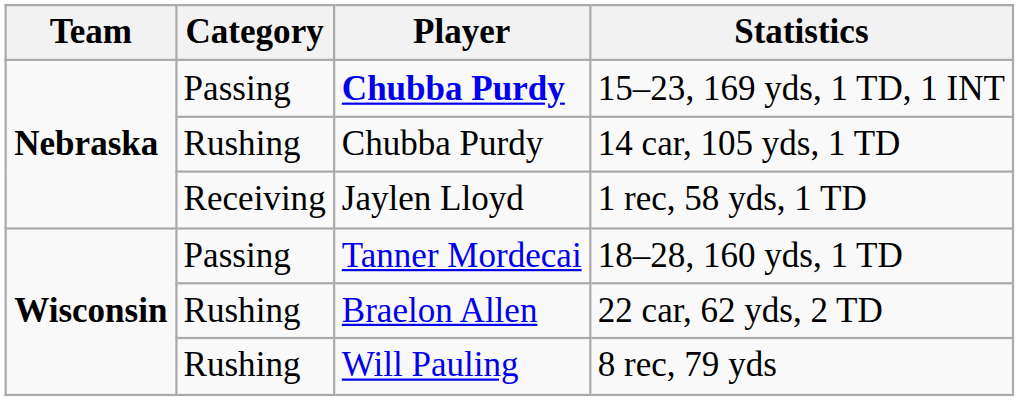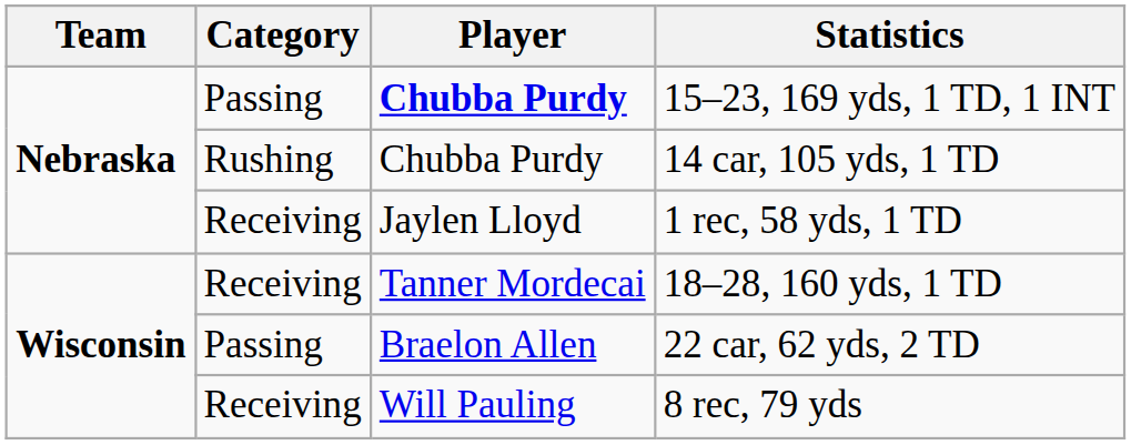 <table class="wikitable" style="float: right;">
 <tr>
 <th>Team</th>
 <th>Category</th>
 <th>Player</th>
 <th>Statistics</th>
 </tr>
 <tr>
 <td rowspan=3><strong>Nebraska</strong></td>
 <td>Passing</td>
 <td><strong><a href='#'>Chubba Purdy</a></strong></td>
 <td>15–23, 169 yds, 1 TD, 1 INT</td>
 </tr>
 <tr>
 <td>Rushing</td>
 <td>Chubba Purdy</td>
 <td>14 car, 105 yds, 1 TD</td>
 </tr>
 <tr>
 <td>Receiving</td>
 <td>Jaylen Lloyd</td>
 <td>1 rec, 58 yds, 1 TD</td>
 </tr>
 <tr>
 <td rowspan=3><strong>Wisconsin</strong></td>
-<td>Passing</td>
+<td>Receiving</td>
 <td><a href='#'>Tanner Mordecai</a></td>
 <td>18–28, 160 yds, 1 TD</td>
 </tr>
 <tr>
-<td>Rushing</td>
+<td>Passing</td>
 <td><a href='#'>Braelon Allen</a></td>
 <td>22 car, 62 yds, 2 TD</td>
 </tr>
 <tr>
-<td>Rushing</td>
+<td>Receiving</td>
 <td><a href='#'>Will Pauling</a></td>
 <td>8 rec, 79 yds</td>
 </tr>
 </table>
